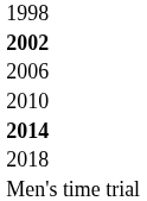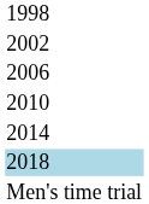 <table>
 <tr>
 <td>1998</td>
 <td></td>
 <td></td>
 <td></td>
 </tr>
 <tr>
-<td><strong>2002</strong></td>
+<td>2002</td>
 <td></td>
 <td></td>
 <td></td>
 </tr>
 <tr>
 <td>2006<br></td>
 <td></td>
 <td></td>
 <td></td>
 </tr>
 <tr>
 <td>2010<br></td>
 <td></td>
 <td></td>
 <td></td>
 </tr>
 <tr>
-<td><strong>2014<br></strong></td>
+<td>2014<br></td>
 <td></td>
 <td></td>
 <td></td>
 </tr>
 <tr>
-<td>2018<br></td>
+<td style="background: lightblue;">2018<br></td>
 <td></td>
 <td></td>
 <td></td>
 </tr>
 <tr>
 <td>Men's time trial<br></td>
 <td></td>
 <td></td>
 <td></td>
 </tr>
 </table>
